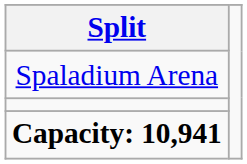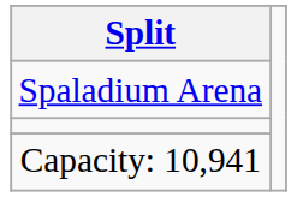 <table class="wikitable" style="text-align:center;margin:1em auto;">
 <tr>
 <th><a href='#'>Split</a></th>
 <td rowspan=4></td>
 </tr>
 <tr>
 <td><a href='#'>Spaladium Arena</a></td>
 </tr>
 <tr>
 <td></td>
 </tr>
 <tr>
-<td><strong>Capacity: 10,941</strong></td>
+<td>Capacity: 10,941</td>
 </tr>
 </table>
